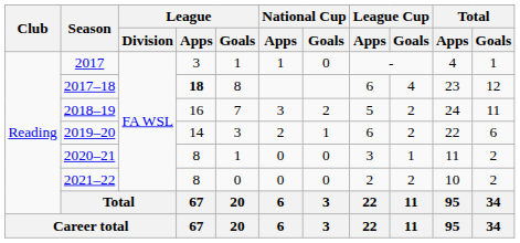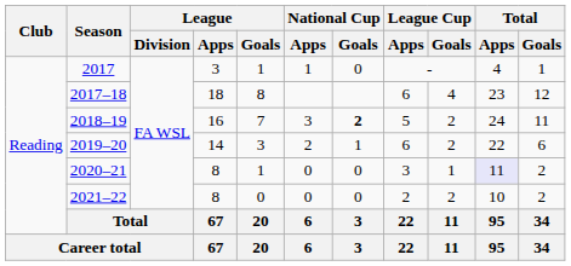 <table class="wikitable" style="text-align:center">
 <tr>
 <th rowspan="2">Club</th>
 <th rowspan="2">Season</th>
 <th colspan="3">League</th>
 <th colspan="2">National Cup</th>
 <th colspan="2">League Cup</th>
 <th colspan="2">Total</th>
 </tr>
 <tr>
 <th>Division</th>
 <th>Apps</th>
 <th>Goals</th>
 <th>Apps</th>
 <th>Goals</th>
 <th>Apps</th>
 <th>Goals</th>
 <th>Apps</th>
 <th>Goals</th>
 </tr>
 <tr>
 <td rowspan="7"><a href='#'>Reading</a></td>
 <td><a href='#'>2017</a></td>
 <td rowspan="6"><a href='#'>FA WSL</a></td>
 <td>3</td>
 <td>1</td>
 <td>1</td>
 <td>0</td>
 <td colspan="2">-</td>
 <td>4</td>
 <td>1</td>
 </tr>
 <tr>
 <td><a href='#'>2017–18</a></td>
-<td><strong>18</strong></td>
+<td>18</td>
 <td>8</td>
 <td></td>
 <td></td>
 <td>6</td>
 <td>4</td>
 <td>23</td>
 <td>12</td>
 </tr>
 <tr>
 <td><a href='#'>2018–19</a></td>
 <td>16</td>
 <td>7</td>
 <td>3</td>
-<td>2</td>
+<td><strong>2</strong></td>
 <td>5</td>
 <td>2</td>
 <td>24</td>
 <td>11</td>
 </tr>
 <tr>
 <td><a href='#'>2019–20</a></td>
 <td>14</td>
 <td>3</td>
 <td>2</td>
 <td>1</td>
 <td>6</td>
 <td>2</td>
 <td>22</td>
 <td>6</td>
 </tr>
 <tr>
 <td><a href='#'>2020–21</a></td>
 <td>8</td>
 <td>1</td>
 <td>0</td>
 <td>0</td>
 <td>3</td>
 <td>1</td>
-<td>11</td>
+<td style="background: lavender;">11</td>
 <td>2</td>
 </tr>
 <tr>
 <td><a href='#'>2021–22</a></td>
 <td>8</td>
 <td>0</td>
 <td>0</td>
 <td>0</td>
 <td>2</td>
 <td>2</td>
 <td>10</td>
 <td>2</td>
 </tr>
 <tr>
 <th colspan="2">Total</th>
 <th>67</th>
 <th>20</th>
 <th>6</th>
 <th>3</th>
 <th>22</th>
 <th>11</th>
 <th>95</th>
 <th>34</th>
 </tr>
 <tr>
 <th colspan="3">Career total</th>
 <th>67</th>
 <th>20</th>
 <th>6</th>
 <th>3</th>
 <th>22</th>
 <th>11</th>
 <th>95</th>
 <th>34</th>
 </tr>
 </table>
